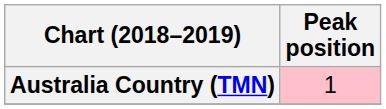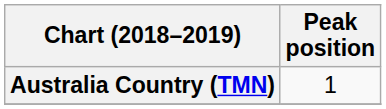 <table class="wikitable sortable plainrowheaders">
 <tr>
 <th scope="col">Chart (2018–2019)</th>
 <th scope="col">Peak<br>position</th>
 </tr>
 <tr>
 <th scope="row">Australia Country (<a href='#'>TMN</a>)</th>
-<td align="center" style="background: pink;">1</td>
+<td align="center">1</td>
 </tr>
 <tr>
 </tr>
 <tr>
 </tr>
 <tr>
 </tr>
 <tr>
 </tr>
 </table>
